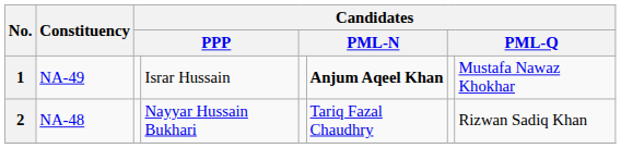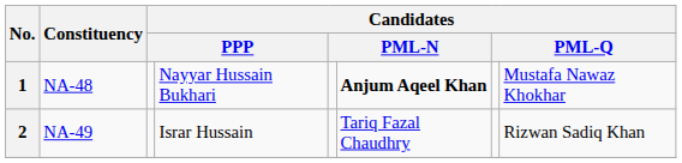 <table class="wikitable sortable">
 <tr>
 <th rowspan="2">No.</th>
 <th rowspan="2">Constituency</th>
 <th colspan="6">Candidates</th>
 </tr>
 <tr>
 <th colspan="2"><a href='#'>PPP</a></th>
 <th colspan="2"><a href='#'>PML-N</a></th>
 <th colspan="2"><a href='#'>PML-Q</a></th>
 </tr>
 <tr>
 <th>1</th>
-<td><a href='#'>NA-49</a></td>
+<td><a href='#'>NA-48</a></td>
 <td style="color:inherit;background:"></td>
-<td>Israr Hussain</td>
+<td><a href='#'>Nayyar Hussain Bukhari</a></td>
 <td style="color:inherit;background:"></td>
 <td><strong>Anjum Aqeel Khan</strong></td>
 <td style="color:inherit;background:"></td>
 <td><a href='#'>Mustafa Nawaz Khokhar</a></td>
 </tr>
 <tr>
 <th>2</th>
-<td><a href='#'>NA-48</a></td>
+<td><a href='#'>NA-49</a></td>
 <td style="color:inherit;background:"></td>
-<td><a href='#'>Nayyar Hussain Bukhari</a></td>
+<td>Israr Hussain</td>
 <td style="color:inherit;background:"></td>
 <td><a href='#'>Tariq Fazal Chaudhry</a></td>
 <td style="color:inherit;background:"></td>
 <td>Rizwan Sadiq Khan</td>
 </tr>
 <tr>
 </tr>
 </table>
